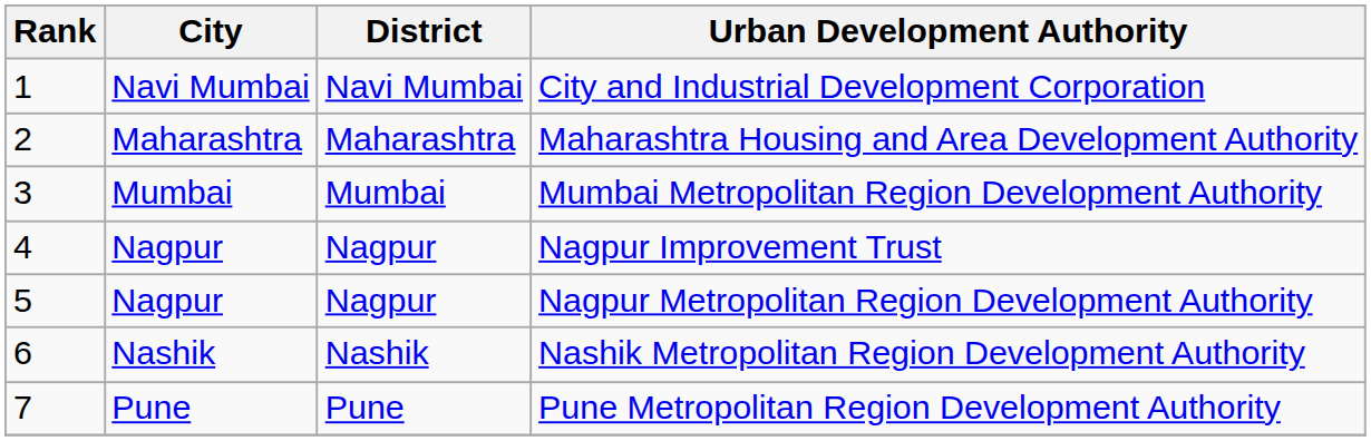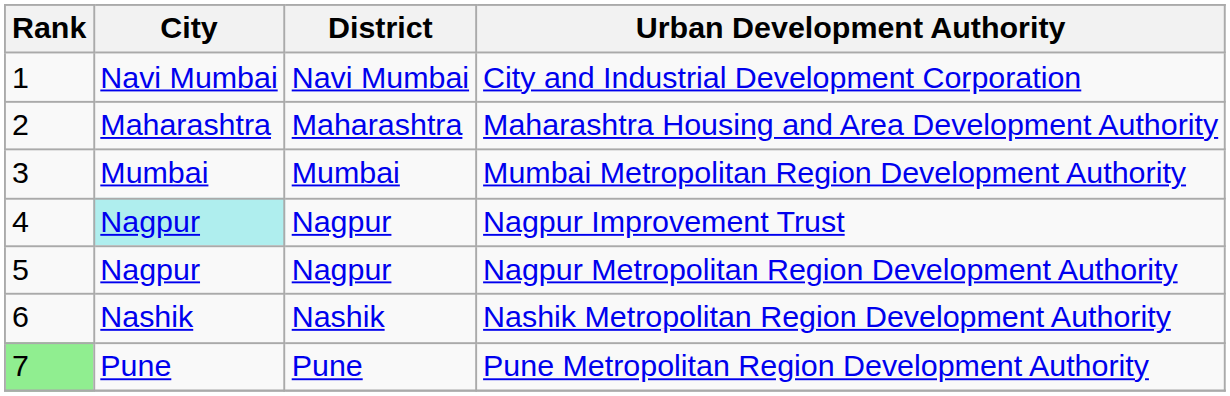 <table class="wikitable sortable">
 <tr>
 <th>Rank</th>
 <th>City</th>
 <th>District</th>
 <th>Urban Development Authority</th>
 </tr>
 <tr>
 <td>1</td>
 <td><a href='#'>Navi Mumbai</a></td>
 <td><a href='#'>Navi Mumbai</a></td>
 <td><a href='#'>City and Industrial Development Corporation</a></td>
 </tr>
 <tr>
 <td>2</td>
 <td><a href='#'>Maharashtra</a></td>
 <td><a href='#'>Maharashtra</a></td>
 <td><a href='#'>Maharashtra Housing and Area Development Authority</a></td>
 </tr>
 <tr>
 <td>3</td>
 <td><a href='#'>Mumbai</a></td>
 <td><a href='#'>Mumbai</a></td>
 <td><a href='#'>Mumbai Metropolitan Region Development Authority</a></td>
 </tr>
 <tr>
 <td>4</td>
-<td><a href='#'>Nagpur</a></td>
+<td style="background: paleturquoise;"><a href='#'>Nagpur</a></td>
 <td><a href='#'>Nagpur</a></td>
 <td><a href='#'>Nagpur Improvement Trust</a></td>
 </tr>
 <tr>
 <td>5</td>
 <td><a href='#'>Nagpur</a></td>
 <td><a href='#'>Nagpur</a></td>
 <td><a href='#'>Nagpur Metropolitan Region Development Authority</a></td>
 </tr>
 <tr>
 <td>6</td>
 <td><a href='#'>Nashik</a></td>
 <td><a href='#'>Nashik</a></td>
 <td><a href='#'>Nashik Metropolitan Region Development Authority</a></td>
 </tr>
 <tr>
-<td>7</td>
+<td style="background: lightgreen;">7</td>
 <td><a href='#'>Pune</a></td>
 <td><a href='#'>Pune</a></td>
 <td><a href='#'>Pune Metropolitan Region Development Authority</a></td>
 </tr>
 <tr>
 </tr>
 </table>
